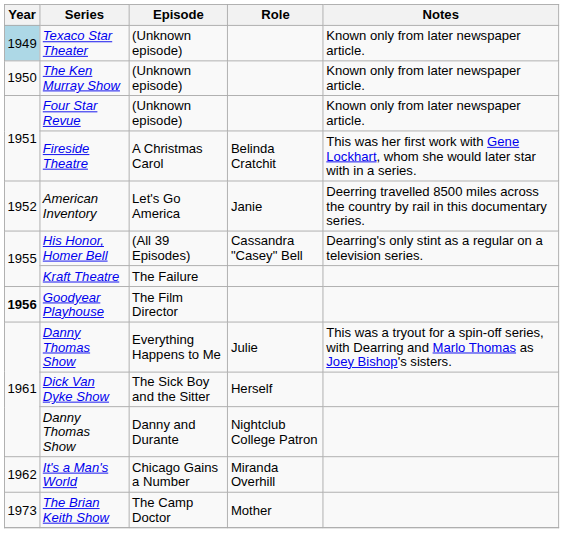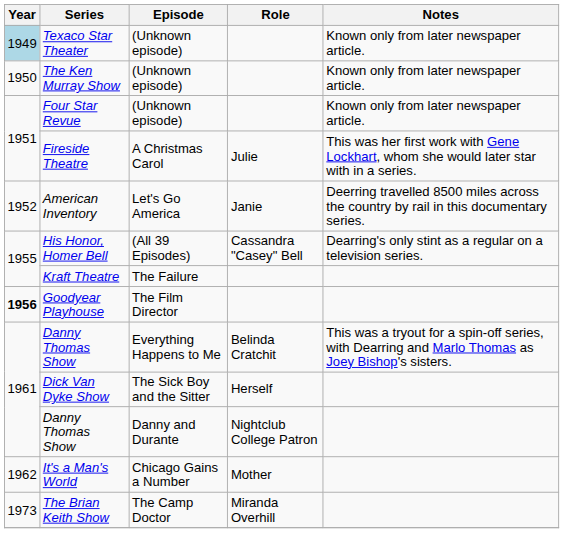 <table class="wikitable sortable plainrowheaders" style="font-size: 90%">
 <tr>
 <th scope="col">Year</th>
 <th scope="col">Series</th>
 <th scope="col">Episode</th>
 <th scope="col">Role</th>
 <th scope="col">Notes</th>
 </tr>
 <tr>
 <td style="background: lightblue;">1949</td>
 <td><em><a href='#'>Texaco Star Theater</a></em></td>
 <td>(Unknown episode)</td>
 <td></td>
 <td>Known only from later newspaper article.</td>
 </tr>
 <tr>
 <td>1950</td>
 <td><em><a href='#'>The Ken Murray Show</a></em></td>
 <td>(Unknown episode)</td>
 <td></td>
 <td>Known only from later newspaper article.</td>
 </tr>
 <tr>
 <td rowspan=2>1951</td>
 <td><em><a href='#'>Four Star Revue</a></em></td>
 <td>(Unknown episode)</td>
 <td></td>
 <td>Known only from later newspaper article.</td>
 </tr>
 <tr>
 <td><em><a href='#'>Fireside Theatre</a></em></td>
 <td>A Christmas Carol</td>
-<td>Belinda Cratchit</td>
+<td>Julie</td>
 <td>This was her first work with <a href='#'>Gene Lockhart</a>, whom she would later star with in a series.</td>
 </tr>
 <tr>
 <td>1952</td>
 <td><em>American Inventory</em></td>
 <td>Let's Go America</td>
 <td>Janie</td>
 <td>Deerring travelled 8500 miles across the country by rail in this documentary series.</td>
 </tr>
 <tr>
 <td rowspan=2>1955</td>
 <td><em><a href='#'>His Honor, Homer Bell</a></em></td>
 <td>(All 39 Episodes)</td>
 <td>Cassandra "Casey" Bell</td>
 <td>Dearring's only stint as a regular on a television series.</td>
 </tr>
 <tr>
 <td><em><a href='#'>Kraft Theatre</a></em></td>
 <td>The Failure</td>
 <td></td>
 <td></td>
 </tr>
 <tr>
 <td><strong>1956</strong></td>
 <td><em><a href='#'>Goodyear Playhouse</a></em></td>
 <td>The Film Director</td>
 <td></td>
 <td></td>
 </tr>
 <tr>
 <td rowspan=3>1961</td>
 <td><em><a href='#'>Danny Thomas Show</a></em></td>
 <td>Everything Happens to Me</td>
-<td>Julie</td>
+<td>Belinda Cratchit</td>
 <td>This was a tryout for a spin-off series, with Dearring and <a href='#'>Marlo Thomas</a> as <a href='#'>Joey Bishop</a>'s sisters.</td>
 </tr>
 <tr>
 <td><em><a href='#'>Dick Van Dyke Show</a></em></td>
 <td>The Sick Boy and the Sitter</td>
 <td>Herself</td>
 <td></td>
 </tr>
 <tr>
 <td><em>Danny Thomas Show</em></td>
 <td>Danny and Durante</td>
 <td>Nightclub College Patron</td>
 <td></td>
 </tr>
 <tr>
 <td>1962</td>
 <td><em><a href='#'>It's a Man's World</a></em></td>
 <td>Chicago Gains a Number</td>
-<td>Miranda Overhill</td>
+<td>Mother</td>
 <td></td>
 </tr>
 <tr>
 <td>1973</td>
 <td><em><a href='#'>The Brian Keith Show</a></em></td>
 <td>The Camp Doctor</td>
-<td>Mother</td>
+<td>Miranda Overhill</td>
 <td></td>
 </tr>
 <tr>
 </tr>
 </table>
